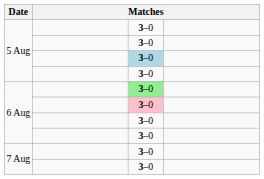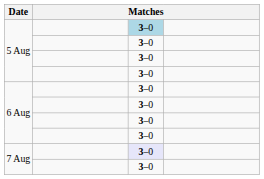 <table class="wikitable">
 <tr>
 <th>Date</th>
 <th colspan=3>Matches</th>
 </tr>
 <tr>
 <td rowspan=4>5 Aug</td>
+<td width=150><strong></strong></td>
+<td style="background: lightblue; width:50px" align=center><strong>3</strong>–0</td>
+<td width=150></td>
+</tr>
+<tr>
 <td width=150><strong></strong></td>
 <td style="width:50px" align=center><strong>3</strong>–0</td>
 <td width=150></td>
 </tr>
 <tr>
 <td width=150><strong></strong></td>
 <td style="width:50px" align=center><strong>3</strong>–0</td>
 <td width=150></td>
 </tr>
 <tr>
 <td width=150><strong></strong></td>
-<td style="background: lightblue; width:50px" align=center><strong>3</strong>–0</td>
-<td width=150></td>
-</tr>
-<tr>
-<td width=150><strong></strong></td>
 <td style="width:50px" align=center><strong>3</strong>–0</td>
 <td width=150></td>
 </tr>
 <tr>
 <td rowspan=4>6 Aug</td>
 <td width=150><strong></strong></td>
-<td style="background: lightgreen; width:50px" align=center><strong>3</strong>–0</td>
+<td style="width:50px" align=center><strong>3</strong>–0</td>
 <td width=150></td>
 </tr>
 <tr>
 <td width=150><strong></strong></td>
-<td style="background: pink; width:50px" align=center><strong>3</strong>–0</td>
+<td style="width:50px" align=center><strong>3</strong>–0</td>
 <td width=150></td>
 </tr>
 <tr>
 <td width=150><strong></strong></td>
 <td style="width:50px" align=center><strong>3</strong>–0</td>
 <td width=150></td>
 </tr>
 <tr>
 <td width=150><strong></strong></td>
 <td style="width:50px" align=center><strong>3</strong>–0</td>
 <td width=150></td>
 </tr>
 <tr>
 <td rowspan=2>7 Aug</td>
 <td width=150><strong></strong></td>
-<td style="width:50px" align=center><strong>3</strong>–0</td>
+<td style="background: lavender; width:50px" align=center><strong>3</strong>–0</td>
 <td width=150></td>
 </tr>
 <tr>
 <td width=150><strong></strong></td>
 <td style="width:50px" align=center><strong>3</strong>–0</td>
 <td width=150></td>
 </tr>
 </table>
